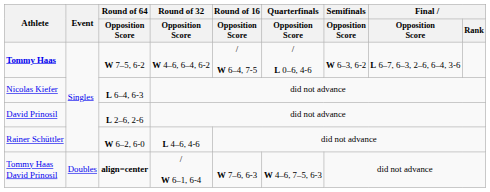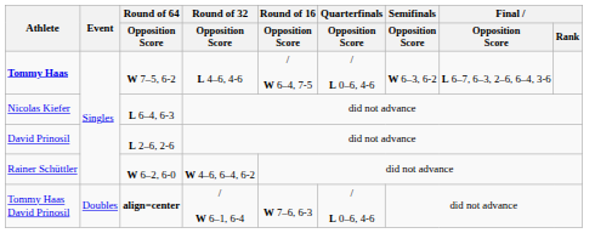 <table class=wikitable style="font-size:90%">
 <tr>
 <th rowspan="2">Athlete</th>
 <th rowspan="2">Event</th>
 <th>Round of 64</th>
 <th>Round of 32</th>
 <th>Round of 16</th>
 <th>Quarterfinals</th>
 <th>Semifinals</th>
 <th colspan=2>Final / </th>
 </tr>
 <tr style="font-size:95%">
 <th>Opposition<br>Score</th>
 <th>Opposition<br>Score</th>
 <th>Opposition<br>Score</th>
 <th>Opposition<br>Score</th>
 <th>Opposition<br>Score</th>
 <th>Opposition<br>Score</th>
 <th>Rank</th>
 </tr>
 <tr>
 <td align=left><strong><a href='#'>Tommy Haas</a></strong></td>
 <td align=left rowspan=4><a href='#'>Singles</a></td>
 <td align=center><br><strong>W</strong> 7–5, 6-2</td>
-<td align=center><br><strong>W</strong> 4–6, 6–4, 6-2</td>
+<td align=center><br><strong>L</strong> 4–6, 4-6</td>
 <td align=center> /<br><br><strong>W</strong> 6–4, 7-5</td>
 <td align=center> /<br><br><strong>L</strong> 0–6, 4-6</td>
 <td align=center><br><strong>W</strong> 6–3, 6-2</td>
 <td align=center><br><strong>L</strong> 6–7, 6–3, 2–6, 6–4, 3-6</td>
 <td align=center></td>
 </tr>
 <tr>
 <td align=left><a href='#'>Nicolas Kiefer</a></td>
 <td align=center><br><strong>L</strong> 6–4, 6-3</td>
 <td align=center colspan=6>did not advance</td>
 </tr>
 <tr>
 <td align=left><a href='#'>David Prinosil</a></td>
 <td align=center><br><strong>L</strong> 2–6, 2-6</td>
 <td align=center colspan=6>did not advance</td>
 </tr>
 <tr>
 <td align=left><a href='#'>Rainer Schüttler</a></td>
 <td align=center><br><strong>W</strong> 6–2, 6-0</td>
-<td align=center><br><strong>L</strong> 4–6, 4-6</td>
+<td align=center><br><strong>W</strong> 4–6, 6–4, 6-2</td>
 <td align=center colspan=5>did not advance</td>
 </tr>
 <tr>
 <td align=left><a href='#'>Tommy Haas</a><br> <a href='#'>David Prinosil</a></td>
 <td align=left><a href='#'>Doubles</a></td>
 <td><strong>align=center </strong></td>
 <td align=center> /<br><br><strong>W</strong> 6–1, 6-4</td>
 <td align=center><br><strong>W</strong> 7–6, 6-3</td>
-<td align=center><br><strong>W</strong> 4–6, 7–5, 6-3</td>
+<td align=center> /<br><br><strong>L</strong> 0–6, 4-6</td>
 <td align=center colspan=3>did not advance</td>
 </tr>
 </table>
